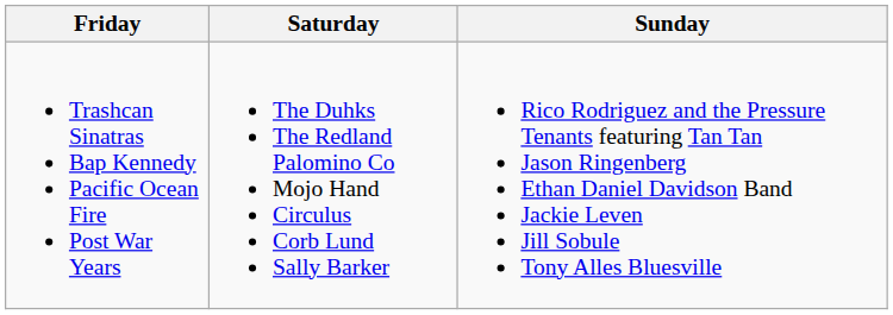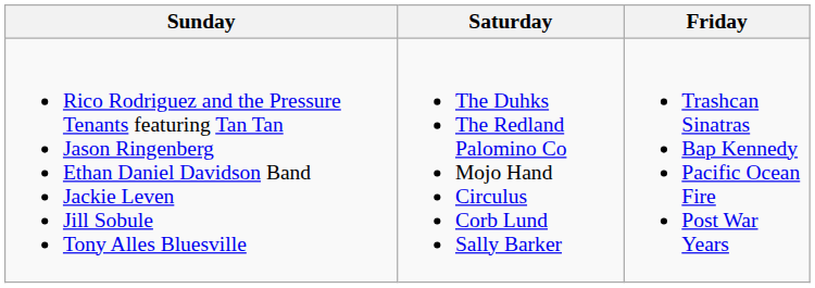 <table class="wikitable">
 <tr>
+<th>Sunday</th>
+<th>Saturday</th>
 <th>Friday</th>
-<th>Saturday</th>
-<th>Sunday</th>
 </tr>
 <tr>
+<td valign=top><br><ul><li><a href='#'>Rico Rodriguez and the Pressure Tenants</a> featuring <a href='#'>Tan Tan</a></li><li><a href='#'>Jason Ringenberg</a></li><li><a href='#'>Ethan Daniel Davidson</a> Band</li><li><a href='#'>Jackie Leven</a></li><li><a href='#'>Jill Sobule</a></li><li><a href='#'>Tony Alles Bluesville</a></li></ul></td>
+<td valign=top><br><ul><li><a href='#'>The Duhks</a></li><li><a href='#'>The Redland Palomino Co</a></li><li>Mojo Hand</li><li><a href='#'>Circulus</a></li><li><a href='#'>Corb Lund</a></li><li><a href='#'>Sally Barker</a></li></ul></td>
 <td valign=top><br><ul><li><a href='#'>Trashcan Sinatras</a></li><li><a href='#'>Bap Kennedy</a></li><li><a href='#'>Pacific Ocean Fire</a></li><li><a href='#'>Post War Years</a></li></ul></td>
-<td valign=top><br><ul><li><a href='#'>The Duhks</a></li><li><a href='#'>The Redland Palomino Co</a></li><li>Mojo Hand</li><li><a href='#'>Circulus</a></li><li><a href='#'>Corb Lund</a></li><li><a href='#'>Sally Barker</a></li></ul></td>
-<td valign=top><br><ul><li><a href='#'>Rico Rodriguez and the Pressure Tenants</a> featuring <a href='#'>Tan Tan</a></li><li><a href='#'>Jason Ringenberg</a></li><li><a href='#'>Ethan Daniel Davidson</a> Band</li><li><a href='#'>Jackie Leven</a></li><li><a href='#'>Jill Sobule</a></li><li><a href='#'>Tony Alles Bluesville</a></li></ul></td>
 </tr>
 </table>
